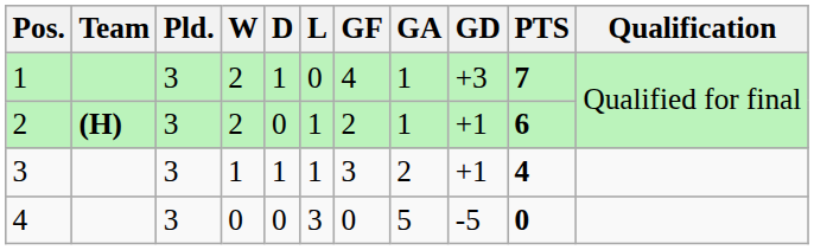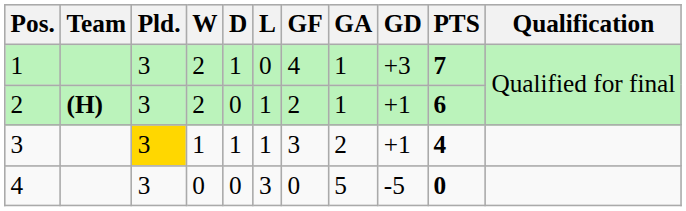 <table class="wikitable">
 <tr>
 <th>Pos.</th>
 <th>Team</th>
 <th>Pld.</th>
 <th>W</th>
 <th>D</th>
 <th>L</th>
 <th>GF</th>
 <th>GA</th>
 <th>GD</th>
 <th>PTS</th>
 <th>Qualification</th>
 </tr>
 <tr>
 <td style="background:#BBF3BB">1</td>
 <td style="background:#BBF3BB"></td>
 <td style="background:#BBF3BB">3</td>
 <td style="background:#BBF3BB">2</td>
 <td style="background:#BBF3BB">1</td>
 <td style="background:#BBF3BB">0</td>
 <td style="background:#BBF3BB">4</td>
 <td style="background:#BBF3BB">1</td>
 <td style="background:#BBF3BB">+3</td>
 <td style="background:#BBF3BB"><strong>7</strong></td>
 <td rowspan="2" style="background:#BBF3BB">Qualified for final</td>
 </tr>
 <tr>
 <td style="background:#BBF3BB">2</td>
 <td style="background:#BBF3BB"> <strong>(H)</strong></td>
 <td style="background:#BBF3BB">3</td>
 <td style="background:#BBF3BB">2</td>
 <td style="background:#BBF3BB">0</td>
 <td style="background:#BBF3BB">1</td>
 <td style="background:#BBF3BB">2</td>
 <td style="background:#BBF3BB">1</td>
 <td style="background:#BBF3BB">+1</td>
 <td style="background:#BBF3BB"><strong>6</strong></td>
 </tr>
 <tr>
 <td>3</td>
 <td></td>
-<td>3</td>
+<td style="background: gold;">3</td>
 <td>1</td>
 <td>1</td>
 <td>1</td>
 <td>3</td>
 <td>2</td>
 <td>+1</td>
 <td><strong>4</strong></td>
 <td></td>
 </tr>
 <tr>
 <td>4</td>
 <td></td>
 <td>3</td>
 <td>0</td>
 <td>0</td>
 <td>3</td>
 <td>0</td>
 <td>5</td>
 <td>-5</td>
 <td><strong>0</strong></td>
 <td></td>
 </tr>
 </table>
